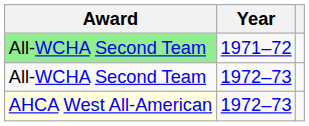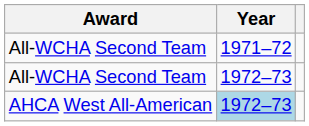 <table class="wikitable">
 <tr>
 <th>Award</th>
 <th>Year</th>
 <th></th>
 </tr>
 <tr>
-<td style="background: lightgreen;">All-<a href='#'>WCHA</a> <a href='#'>Second Team</a></td>
+<td>All-<a href='#'>WCHA</a> <a href='#'>Second Team</a></td>
 <td><a href='#'>1971–72</a></td>
 <td></td>
 </tr>
 <tr>
 <td>All-<a href='#'>WCHA</a> <a href='#'>Second Team</a></td>
 <td><a href='#'>1972–73</a></td>
 <td></td>
 </tr>
 <tr>
-<td style="background: lightyellow;"><a href='#'>AHCA</a> <a href='#'>West All-American</a></td>
-<td><a href='#'>1972–73</a></td>
+<td><a href='#'>AHCA</a> <a href='#'>West All-American</a></td>
+<td style="background: lightblue;"><a href='#'>1972–73</a></td>
 <td></td>
 </tr>
 </table>
